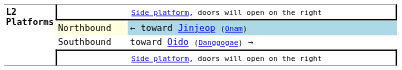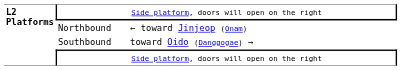 <table table border=0 cellspacing=0 cellpadding=3>
 <tr>
 <td style="border-top:solid 1px gray;border-bottom:solid 1px gray;" width=50 rowspan=10 valign=top><strong>L2<br>Platforms</strong></td>
 <td style="border-top:solid 1px gray;border-right:solid 2px black;border-left:solid 2px black;border-bottom:solid 2px black;text-align:center;" colspan=2><small><a href='#'>Side platform</a>, doors will open on the right</small></td>
 </tr>
 <tr>
-<td style="background: lightyellow; border-bottom:solid 0px gray;border-top:solid 1px gray;" width=100>Northbound</td>
-<td style="background: lightblue; border-bottom:solid 0px gray;border-top:solid 1px gray;" width=390>←  toward <a href='#'>Jinjeop</a> <small>(<a href='#'>Onam</a>)</small></td>
+<td style="border-bottom:solid 0px gray;border-top:solid 1px gray;" width=100>Northbound</td>
+<td style="border-bottom:solid 0px gray;border-top:solid 1px gray;" width=390>←  toward <a href='#'>Jinjeop</a> <small>(<a href='#'>Onam</a>)</small></td>
 </tr>
 <tr>
 <td>Southbound</td>
 <td>  toward <a href='#'>Oido</a> <small>(<a href='#'>Danggogae</a>)</small> →</td>
 </tr>
 <tr>
 <td style="border-top:solid 2px black;border-right:solid 2px black;border-left:solid 2px black;border-bottom:solid 1px gray;text-align:center;" colspan=2><small><a href='#'>Side platform</a>, doors will open on the right</small></td>
 </tr>
 </table>
